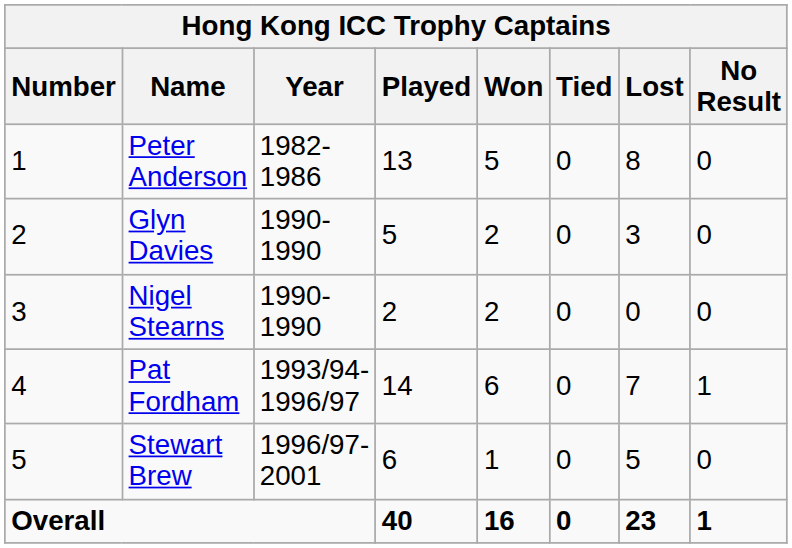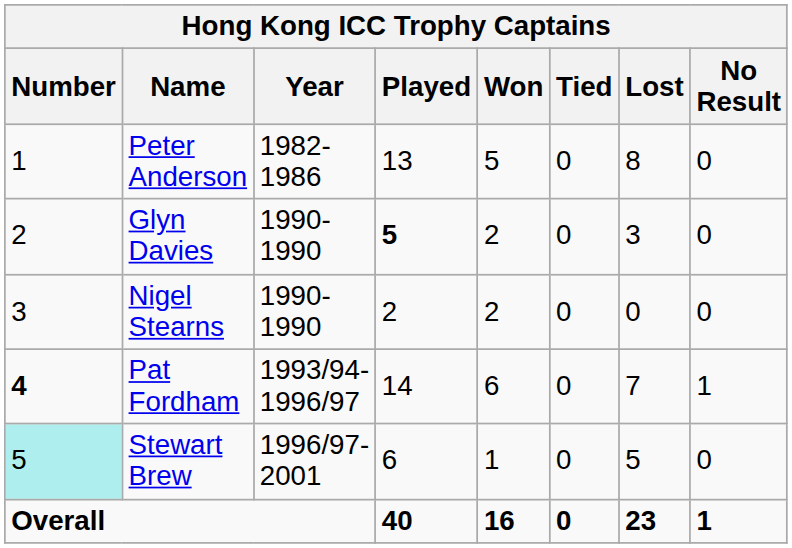 <table class="wikitable" width="70%">
 <tr>
 <th bgcolor="#efefef" colspan=9>Hong Kong ICC Trophy Captains</th>
 </tr>
 <tr bgcolor="#efefef">
 <th>Number</th>
 <th>Name</th>
 <th>Year</th>
 <th>Played</th>
 <th>Won</th>
 <th>Tied</th>
 <th>Lost</th>
 <th>No Result</th>
 </tr>
 <tr>
 <td>1</td>
 <td><a href='#'>Peter Anderson</a></td>
 <td>1982-1986</td>
 <td>13</td>
 <td>5</td>
 <td>0</td>
 <td>8</td>
 <td>0</td>
 </tr>
 <tr>
 <td>2</td>
 <td><a href='#'>Glyn Davies</a></td>
 <td>1990-1990</td>
-<td>5</td>
+<td><strong>5</strong></td>
 <td>2</td>
 <td>0</td>
 <td>3</td>
 <td>0</td>
 </tr>
 <tr>
 <td>3</td>
 <td><a href='#'>Nigel Stearns</a></td>
 <td>1990-1990</td>
 <td>2</td>
 <td>2</td>
 <td>0</td>
 <td>0</td>
 <td>0</td>
 </tr>
 <tr>
-<td>4</td>
+<td><strong>4</strong></td>
 <td><a href='#'>Pat Fordham</a></td>
 <td>1993/94-1996/97</td>
 <td>14</td>
 <td>6</td>
 <td>0</td>
 <td>7</td>
 <td>1</td>
 </tr>
 <tr>
-<td>5</td>
+<td style="background: paleturquoise;">5</td>
 <td><a href='#'>Stewart Brew</a></td>
 <td>1996/97-2001</td>
 <td>6</td>
 <td>1</td>
 <td>0</td>
 <td>5</td>
 <td>0</td>
 </tr>
 <tr>
 <td colspan=3><strong>Overall</strong></td>
 <td><strong>40</strong></td>
 <td><strong>16</strong></td>
 <td><strong>0</strong></td>
 <td><strong>23</strong></td>
 <td><strong>1</strong></td>
 </tr>
 </table>
